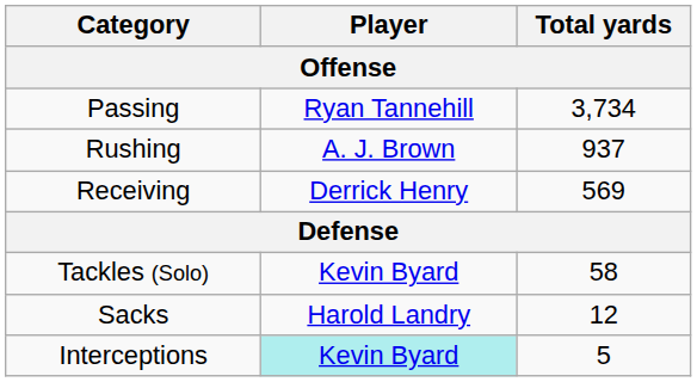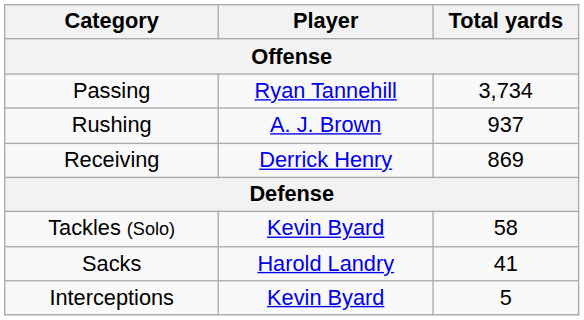 <table class="wikitable" style="text-align:center">
 <tr>
 <th width="150">Category</th>
 <th width="150">Player</th>
 <th width="100">Total yards</th>
 </tr>
 <tr>
 <th align="center" colspan="4">Offense</th>
 </tr>
 <tr>
 <td>Passing</td>
 <td><a href='#'>Ryan Tannehill</a></td>
 <td>3,734</td>
 </tr>
 <tr>
 <td>Rushing</td>
 <td><a href='#'>A. J. Brown</a></td>
 <td>937</td>
 </tr>
 <tr>
 <td>Receiving</td>
 <td><a href='#'>Derrick Henry</a></td>
-<td>569</td>
+<td>869</td>
 </tr>
 <tr>
 <th align="center" colspan="4">Defense</th>
 </tr>
 <tr>
 <td>Tackles <small>(Solo)</small></td>
 <td><a href='#'>Kevin Byard</a></td>
 <td>58</td>
 </tr>
 <tr>
 <td>Sacks</td>
 <td><a href='#'>Harold Landry</a></td>
-<td>12</td>
+<td>41</td>
 </tr>
 <tr>
 <td>Interceptions</td>
-<td style="background: paleturquoise;"><a href='#'>Kevin Byard</a></td>
+<td><a href='#'>Kevin Byard</a></td>
 <td>5</td>
 </tr>
 </table>
